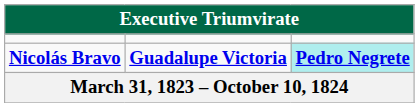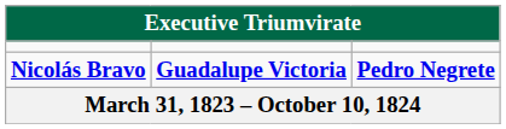 <table class="wikitable floatright" style="text-align: center;border: none;">
 <tr>
 <th style="background:#006847; color:white;" colspan="3">Executive Triumvirate</th>
 </tr>
 <tr>
 <td></td>
 <td></td>
 <td></td>
 </tr>
 <tr>
 <td><strong><a href='#'>Nicolás Bravo</a></strong></td>
 <td><strong><a href='#'>Guadalupe Victoria</a></strong></td>
-<td style="background: paleturquoise;"><strong><a href='#'>Pedro Negrete</a></strong></td>
+<td><strong><a href='#'>Pedro Negrete</a></strong></td>
 </tr>
 <tr>
 <th colspan="3">March 31, 1823 – October 10, 1824</th>
 </tr>
 <tr>
 </tr>
 </table>
